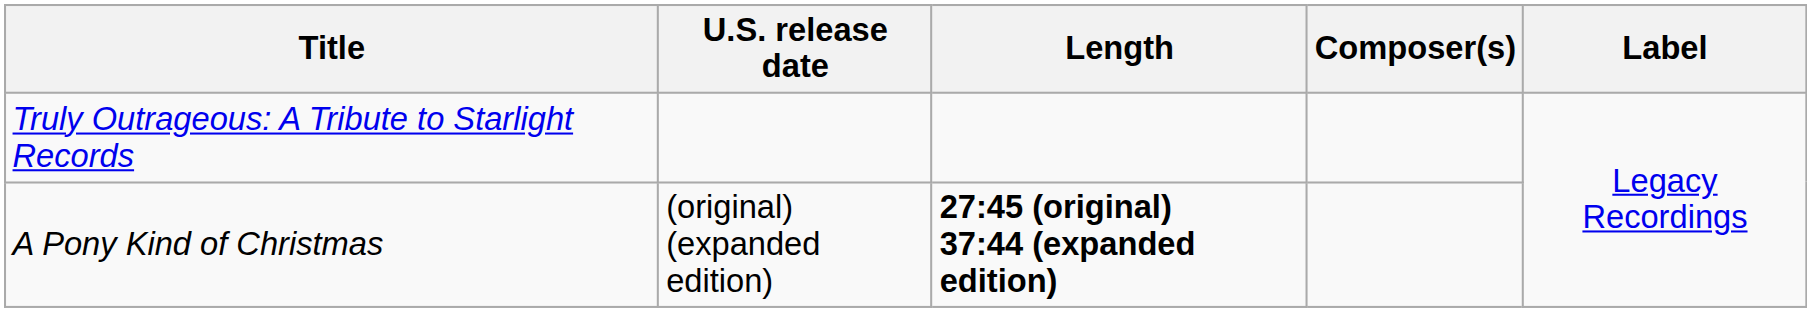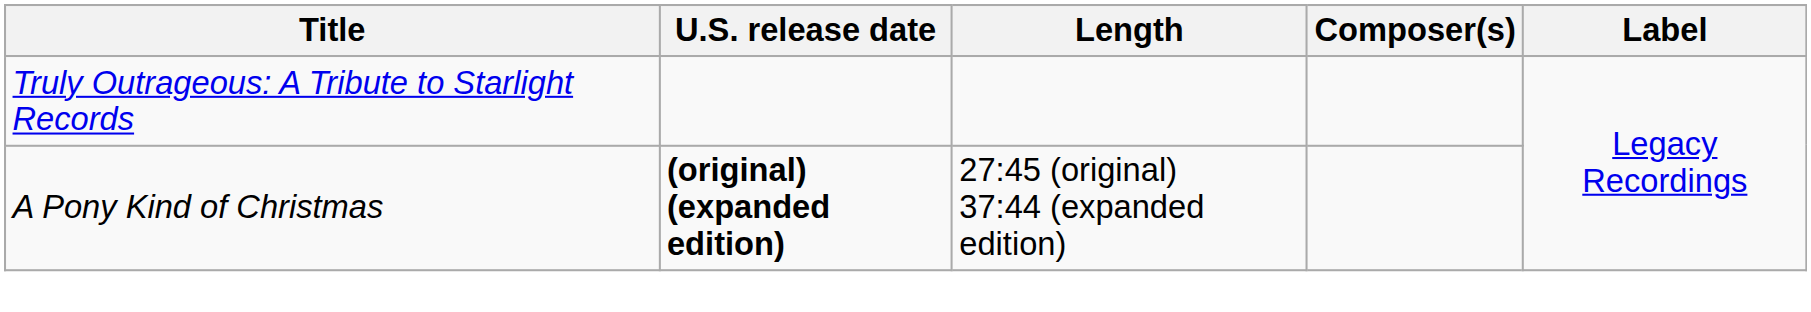 <table class="wikitable plainrowheaders" style="text-align:center" width=100%>
 <tr>
 <th scope="col">Title</th>
 <th scope="col">U.S. release date</th>
 <th scope="col">Length</th>
 <th scope="col">Composer(s)</th>
 <th scope="col">Label</th>
 </tr>
 <tr>
 <td style="text-align:left"><em><a href='#'>Truly Outrageous: A Tribute to Starlight Records</a></em></td>
 <td style="text-align:left"></td>
 <td></td>
 <td></td>
 <td rowspan=2><a href='#'>Legacy Recordings</a></td>
 </tr>
 <tr>
 <td style="text-align:left"><em>A Pony Kind of Christmas</em></td>
-<td style="text-align:left"> (original)<br> (expanded edition)</td>
-<td style="text-align:left"><strong>27:45 (original)<br>37:44 (expanded edition)</strong></td>
+<td style="text-align:left"><strong> (original)<br> (expanded edition)</strong></td>
+<td style="text-align:left">27:45 (original)<br>37:44 (expanded edition)</td>
 <td></td>
 </tr>
 </table>
